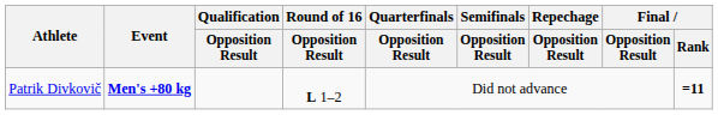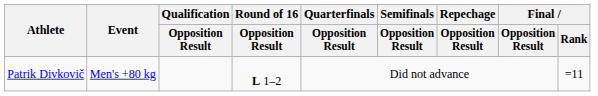 <table class=wikitable style=font-size:90%;text-align:center>
 <tr>
 <th rowspan=2>Athlete</th>
 <th rowspan=2>Event</th>
 <th>Qualification</th>
 <th>Round of 16</th>
 <th>Quarterfinals</th>
 <th>Semifinals</th>
 <th>Repechage</th>
 <th colspan=2>Final / </th>
 </tr>
 <tr style=font-size:95%>
 <th>Opposition<br>Result</th>
 <th>Opposition<br>Result</th>
 <th>Opposition<br>Result</th>
 <th>Opposition<br>Result</th>
 <th>Opposition<br>Result</th>
 <th>Opposition<br>Result</th>
 <th>Rank</th>
 </tr>
 <tr>
 <td align=left><a href='#'>Patrik Divkovič</a></td>
-<td align=left><strong><a href='#'>Men's +80 kg</a></strong></td>
+<td align=left><a href='#'>Men's +80 kg</a></td>
 <td></td>
 <td><br><strong>L</strong> 1–2</td>
 <td colspan="4">Did not advance</td>
-<td><strong>=11</strong></td>
+<td>=11</td>
 </tr>
 </table>
